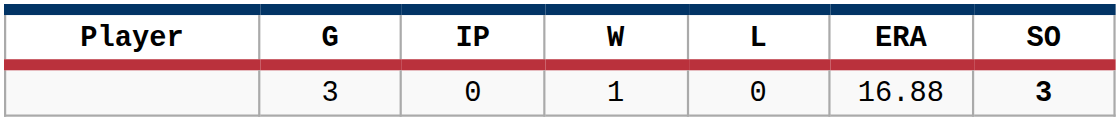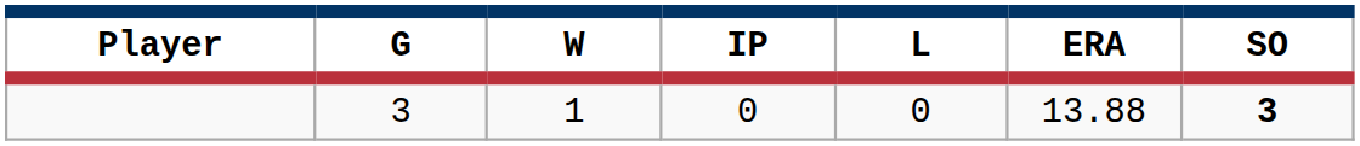 <table class="wikitable sortable">
 <tr>
 <th style="background:#FFFFFF; border-top:#023465 5px solid; border-bottom:#ba313c 5px solid;" width="16%">Player</th>
 <th style="background:#FFFFFF; border-top:#023465 5px solid; border-bottom:#ba313c 5px solid;" width="9%">G</th>
+<th style="background:#FFFFFF; border-top:#023465 5px solid; border-bottom:#ba313c 5px solid;" width="9%">W</th>
 <th style="background:#FFFFFF; border-top:#023465 5px solid; border-bottom:#ba313c 5px solid;" width="9%">IP</th>
-<th style="background:#FFFFFF; border-top:#023465 5px solid; border-bottom:#ba313c 5px solid;" width="9%">W</th>
 <th style="background:#FFFFFF; border-top:#023465 5px solid; border-bottom:#ba313c 5px solid;" width="9%">L</th>
 <th style="background:#FFFFFF; border-top:#023465 5px solid; border-bottom:#ba313c 5px solid;" width="9%">ERA</th>
 <th style="background:#FFFFFF; border-top:#023465 5px solid; border-bottom:#ba313c 5px solid;" width="9%">SO</th>
 </tr>
 <tr align="center">
 <td></td>
 <td>3</td>
-<td>0</td>
 <td>1</td>
 <td>0</td>
-<td>16.88</td>
+<td>0</td>
+<td>13.88</td>
 <td><strong>3</strong></td>
 </tr>
 </table>
